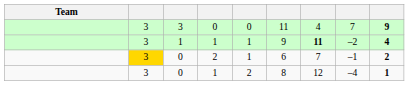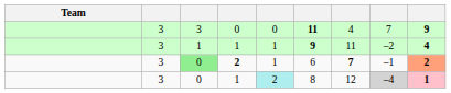 <table class="wikitable" style="text-align:center;">
 <tr>
 <th width=200>Team</th>
 <th width=50 abbr="Played"></th>
 <th width=50 abbr="Won"></th>
 <th width=50 abbr="Drawn"></th>
 <th width=50 abbr="Lost"></th>
 <th width=50 abbr="Goals for"></th>
 <th width=50 abbr="Goals against"></th>
 <th width=50 abbr="Goal difference"></th>
 <th width=50 abbr="Points"></th>
 </tr>
 <tr bgcolor=#ccffcc>
 <td align="left"></td>
 <td>3</td>
 <td>3</td>
 <td>0</td>
 <td>0</td>
-<td>11</td>
+<td><strong>11</strong></td>
 <td>4</td>
 <td>7</td>
 <td><strong>9</strong></td>
 </tr>
 <tr bgcolor=#ccffcc>
 <td align="left"></td>
 <td>3</td>
 <td>1</td>
 <td>1</td>
 <td>1</td>
-<td>9</td>
-<td><strong>11</strong></td>
+<td><strong>9</strong></td>
+<td>11</td>
 <td>–2</td>
 <td><strong>4</strong></td>
 </tr>
 <tr>
 <td align="left"></td>
-<td style="background: gold;">3</td>
-<td>0</td>
-<td>2</td>
+<td>3</td>
+<td style="background: lightgreen;">0</td>
+<td><strong>2</strong></td>
 <td>1</td>
 <td>6</td>
-<td>7</td>
+<td><strong>7</strong></td>
 <td>–1</td>
-<td><strong>2</strong></td>
+<td style="background: lightsalmon;"><strong>2</strong></td>
 </tr>
 <tr>
 <td align="left"></td>
 <td>3</td>
 <td>0</td>
 <td>1</td>
-<td>2</td>
+<td style="background: paleturquoise;">2</td>
 <td>8</td>
 <td>12</td>
-<td>–4</td>
-<td><strong>1</strong></td>
+<td style="background: lightgrey;">–4</td>
+<td style="background: pink;"><strong>1</strong></td>
 </tr>
 </table>
